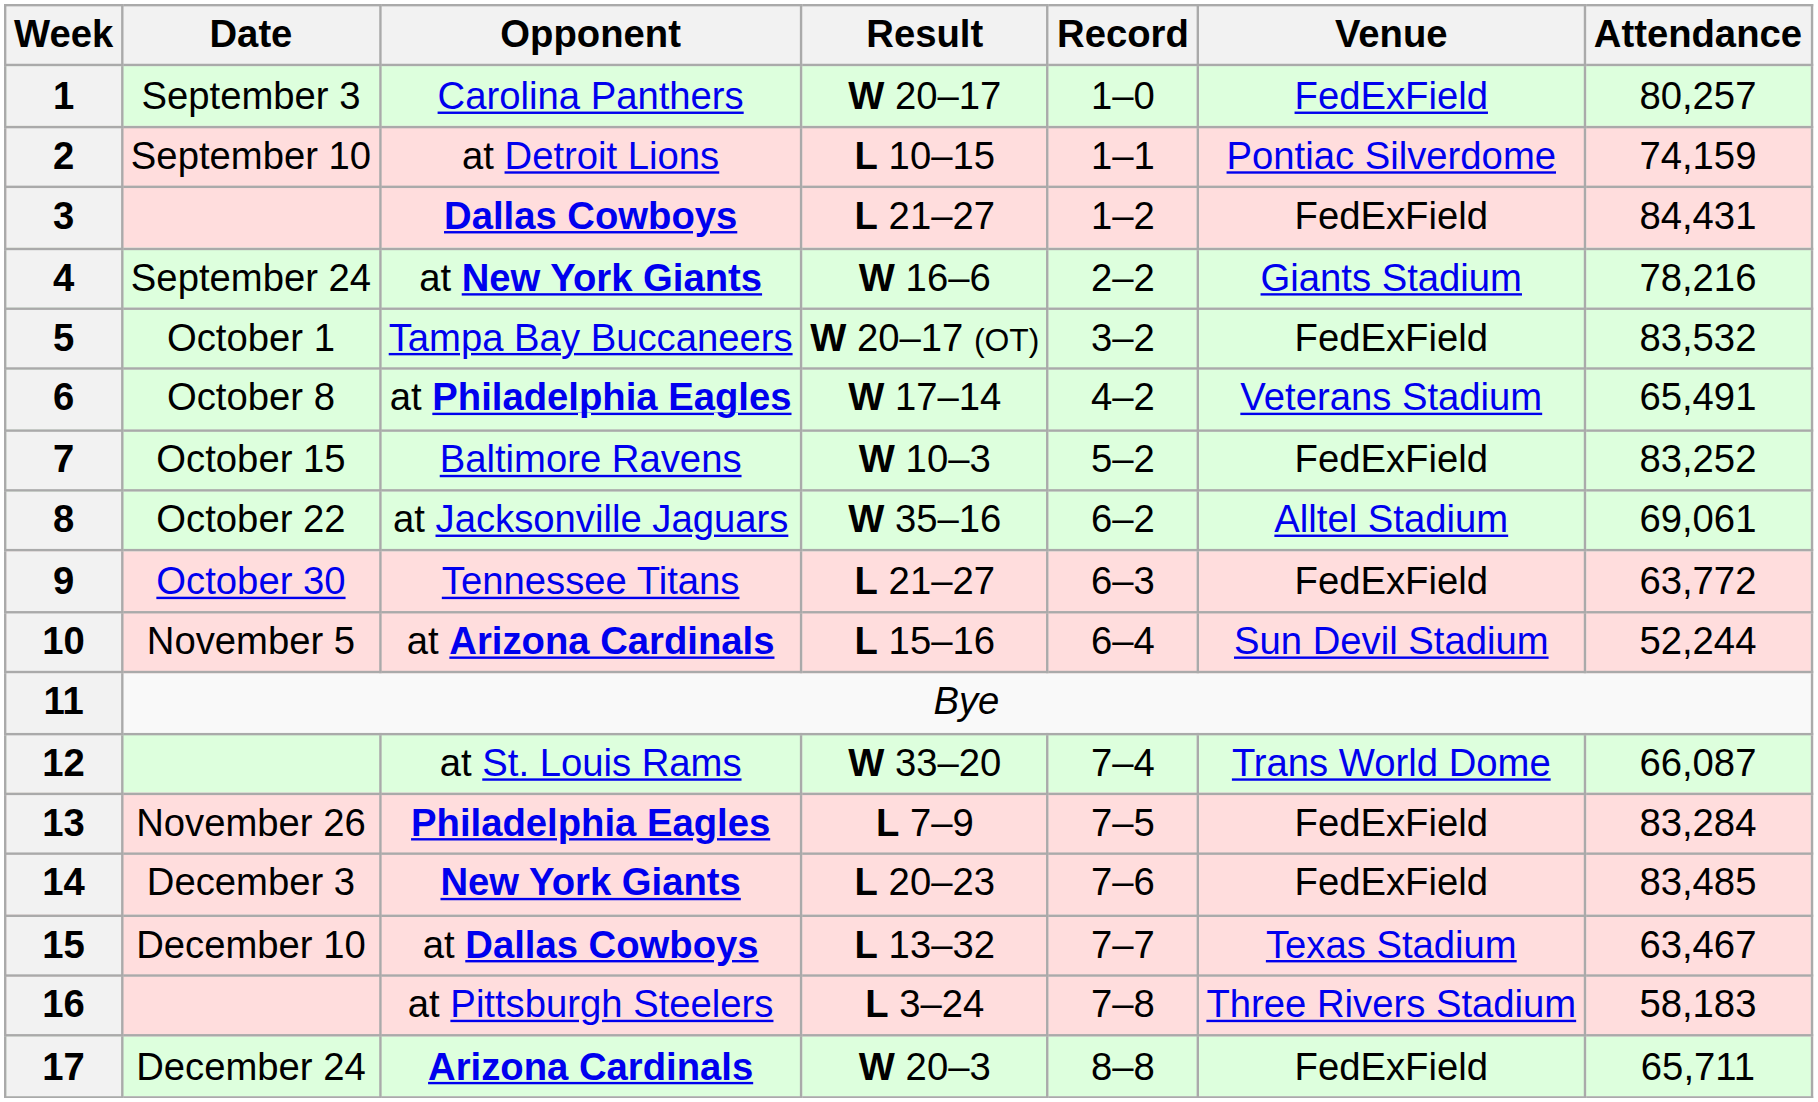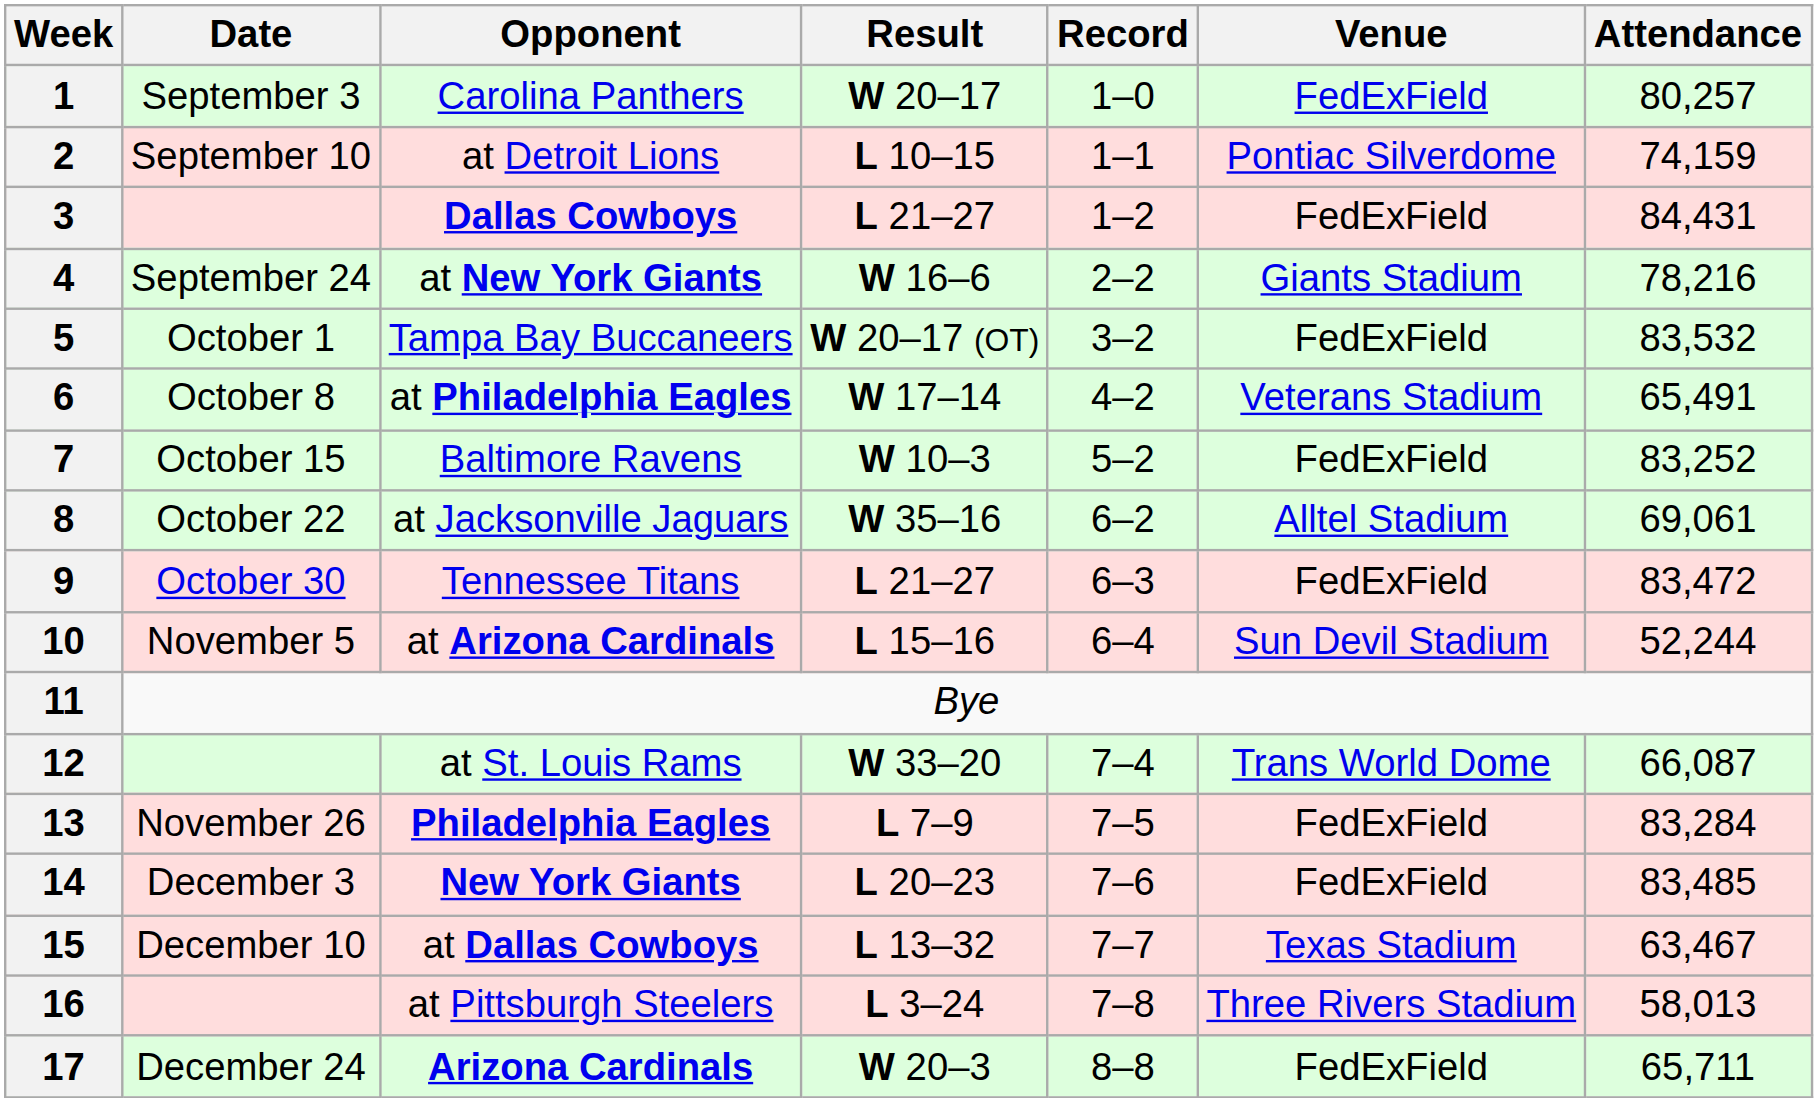 <table class="wikitable" style="text-align:center">
 <tr>
 <th>Week</th>
 <th>Date</th>
 <th>Opponent</th>
 <th>Result</th>
 <th>Record</th>
 <th>Venue</th>
 <th>Attendance</th>
 </tr>
 <tr style="background: #ddffdd;">
 <th>1</th>
 <td>September 3</td>
 <td><a href='#'>Carolina Panthers</a></td>
 <td><strong>W</strong> 20–17</td>
 <td>1–0</td>
 <td><a href='#'>FedExField</a></td>
 <td>80,257</td>
 </tr>
 <tr style="background: #ffdddd;">
 <th>2</th>
 <td>September 10</td>
 <td>at <a href='#'>Detroit Lions</a></td>
 <td><strong>L</strong> 10–15</td>
 <td>1–1</td>
 <td><a href='#'>Pontiac Silverdome</a></td>
 <td>74,159</td>
 </tr>
 <tr style="background: #ffdddd;">
 <th>3</th>
 <td></td>
 <td><strong><a href='#'>Dallas Cowboys</a></strong></td>
 <td><strong>L</strong> 21–27</td>
 <td>1–2</td>
 <td>FedExField</td>
 <td>84,431</td>
 </tr>
 <tr style="background: #ddffdd;">
 <th>4</th>
 <td>September 24</td>
 <td>at <strong><a href='#'>New York Giants</a></strong></td>
 <td><strong>W</strong> 16–6</td>
 <td>2–2</td>
 <td><a href='#'>Giants Stadium</a></td>
 <td>78,216</td>
 </tr>
 <tr style="background: #ddffdd;">
 <th>5</th>
 <td>October 1</td>
 <td><a href='#'>Tampa Bay Buccaneers</a></td>
 <td><strong>W</strong> 20–17 <small>(OT)</small></td>
 <td>3–2</td>
 <td>FedExField</td>
 <td>83,532</td>
 </tr>
 <tr style="background: #ddffdd;">
 <th>6</th>
 <td>October 8</td>
 <td>at <strong><a href='#'>Philadelphia Eagles</a></strong></td>
 <td><strong>W</strong> 17–14</td>
 <td>4–2</td>
 <td><a href='#'>Veterans Stadium</a></td>
 <td>65,491</td>
 </tr>
 <tr style="background: #ddffdd;">
 <th>7</th>
 <td>October 15</td>
 <td><a href='#'>Baltimore Ravens</a></td>
 <td><strong>W</strong> 10–3</td>
 <td>5–2</td>
 <td>FedExField</td>
 <td>83,252</td>
 </tr>
 <tr style="background: #ddffdd;">
 <th>8</th>
 <td>October 22</td>
 <td>at <a href='#'>Jacksonville Jaguars</a></td>
 <td><strong>W</strong> 35–16</td>
 <td>6–2</td>
 <td><a href='#'>Alltel Stadium</a></td>
 <td>69,061</td>
 </tr>
 <tr style="background: #ffdddd;">
 <th>9</th>
 <td><a href='#'>October 30</a></td>
 <td><a href='#'>Tennessee Titans</a></td>
 <td><strong>L</strong> 21–27</td>
 <td>6–3</td>
 <td>FedExField</td>
-<td>63,772</td>
+<td>83,472</td>
 </tr>
 <tr style="background: #ffdddd;">
 <th>10</th>
 <td>November 5</td>
 <td>at <strong><a href='#'>Arizona Cardinals</a></strong></td>
 <td><strong>L</strong> 15–16</td>
 <td>6–4</td>
 <td><a href='#'>Sun Devil Stadium</a></td>
 <td>52,244</td>
 </tr>
 <tr>
 <th>11</th>
 <td colspan=6 align="center"><em>Bye</em></td>
 </tr>
 <tr style="background: #ddffdd;">
 <th>12</th>
 <td></td>
 <td>at <a href='#'>St. Louis Rams</a></td>
 <td><strong>W</strong> 33–20</td>
 <td>7–4</td>
 <td><a href='#'>Trans World Dome</a></td>
 <td>66,087</td>
 </tr>
 <tr style="background: #ffdddd;">
 <th>13</th>
 <td>November 26</td>
 <td><strong><a href='#'>Philadelphia Eagles</a></strong></td>
 <td><strong>L</strong> 7–9</td>
 <td>7–5</td>
 <td>FedExField</td>
 <td>83,284</td>
 </tr>
 <tr style="background: #ffdddd;">
 <th>14</th>
 <td>December 3</td>
 <td><strong><a href='#'>New York Giants</a></strong></td>
 <td><strong>L</strong> 20–23</td>
 <td>7–6</td>
 <td>FedExField</td>
 <td>83,485</td>
 </tr>
 <tr style="background: #ffdddd;">
 <th>15</th>
 <td>December 10</td>
 <td>at <strong><a href='#'>Dallas Cowboys</a></strong></td>
 <td><strong>L</strong> 13–32</td>
 <td>7–7</td>
 <td><a href='#'>Texas Stadium</a></td>
 <td>63,467</td>
 </tr>
 <tr style="background: #ffdddd;">
 <th>16</th>
 <td></td>
 <td>at <a href='#'>Pittsburgh Steelers</a></td>
 <td><strong>L</strong> 3–24</td>
 <td>7–8</td>
 <td><a href='#'>Three Rivers Stadium</a></td>
-<td>58,183</td>
+<td>58,013</td>
 </tr>
 <tr style="background: #ddffdd;">
 <th>17</th>
 <td>December 24</td>
 <td><strong><a href='#'>Arizona Cardinals</a></strong></td>
 <td><strong>W</strong> 20–3</td>
 <td>8–8</td>
 <td>FedExField</td>
 <td>65,711</td>
 </tr>
 </table>
